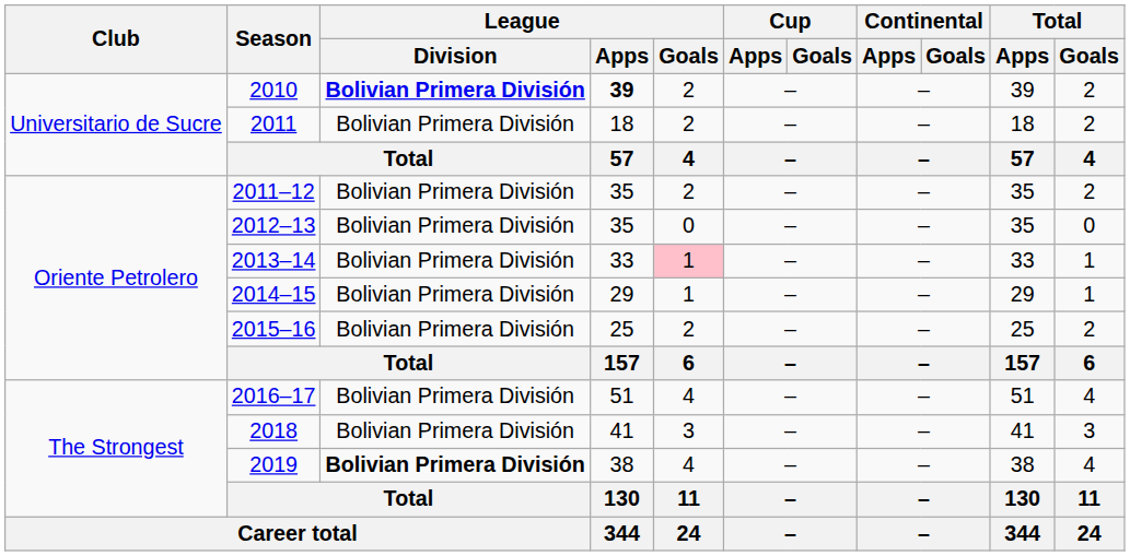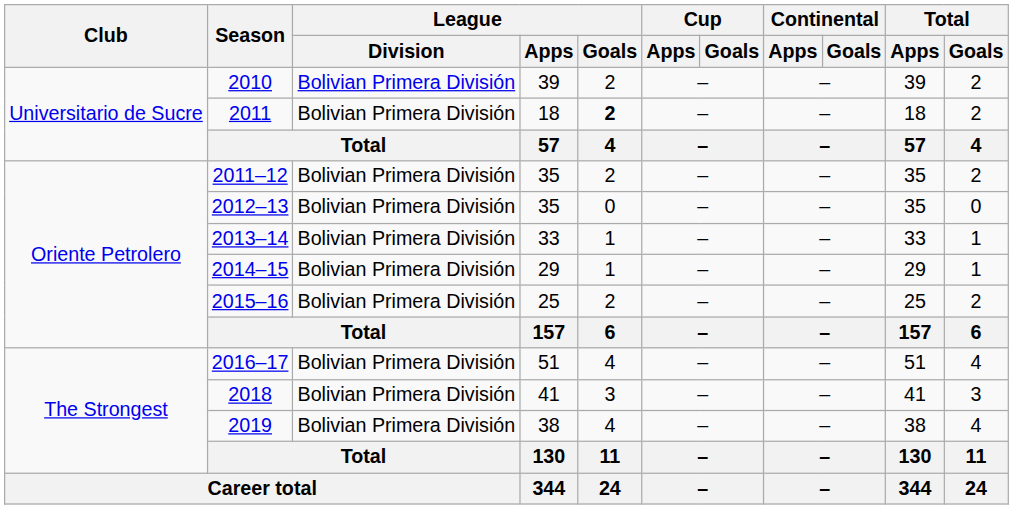 <table class="wikitable" style="text-align:center">
 <tr>
 <th rowspan="2">Club</th>
 <th rowspan="2">Season</th>
 <th colspan="3">League</th>
 <th colspan="2">Cup</th>
 <th colspan="2">Continental</th>
 <th colspan="2">Total</th>
 </tr>
 <tr>
 <th>Division</th>
 <th>Apps</th>
 <th>Goals</th>
 <th>Apps</th>
 <th>Goals</th>
 <th>Apps</th>
 <th>Goals</th>
 <th>Apps</th>
 <th>Goals</th>
 </tr>
 <tr>
 <td rowspan="3"><a href='#'>Universitario de Sucre</a></td>
 <td><a href='#'>2010</a></td>
-<td><strong><a href='#'>Bolivian Primera División</a></strong></td>
-<td><strong>39</strong></td>
+<td><a href='#'>Bolivian Primera División</a></td>
+<td>39</td>
 <td>2</td>
 <td colspan="2">–</td>
 <td colspan="2">–</td>
 <td>39</td>
 <td>2</td>
 </tr>
 <tr>
 <td><a href='#'>2011</a></td>
 <td>Bolivian Primera División</td>
 <td>18</td>
-<td>2</td>
+<td><strong>2</strong></td>
 <td colspan="2">–</td>
 <td colspan="2">–</td>
 <td>18</td>
 <td>2</td>
 </tr>
 <tr>
 <th colspan="2">Total</th>
 <th>57</th>
 <th>4</th>
 <th colspan="2">–</th>
 <th colspan="2">–</th>
 <th>57</th>
 <th>4</th>
 </tr>
 <tr>
 <td rowspan="6"><a href='#'>Oriente Petrolero</a></td>
 <td><a href='#'>2011–12</a></td>
 <td>Bolivian Primera División</td>
 <td>35</td>
 <td>2</td>
 <td colspan="2">–</td>
 <td colspan="2">–</td>
 <td>35</td>
 <td>2</td>
 </tr>
 <tr>
 <td><a href='#'>2012–13</a></td>
 <td>Bolivian Primera División</td>
 <td>35</td>
 <td>0</td>
 <td colspan="2">–</td>
 <td colspan="2">–</td>
 <td>35</td>
 <td>0</td>
 </tr>
 <tr>
 <td><a href='#'>2013–14</a></td>
 <td>Bolivian Primera División</td>
 <td>33</td>
-<td style="background: pink;">1</td>
+<td>1</td>
 <td colspan="2">–</td>
 <td colspan="2">–</td>
 <td>33</td>
 <td>1</td>
 </tr>
 <tr>
 <td><a href='#'>2014–15</a></td>
 <td>Bolivian Primera División</td>
 <td>29</td>
 <td>1</td>
 <td colspan="2">–</td>
 <td colspan="2">–</td>
 <td>29</td>
 <td>1</td>
 </tr>
 <tr>
 <td><a href='#'>2015–16</a></td>
 <td>Bolivian Primera División</td>
 <td>25</td>
 <td>2</td>
 <td colspan="2">–</td>
 <td colspan="2">–</td>
 <td>25</td>
 <td>2</td>
 </tr>
 <tr>
 <th colspan="2">Total</th>
 <th>157</th>
 <th>6</th>
 <th colspan="2">–</th>
 <th colspan="2">–</th>
 <th>157</th>
 <th>6</th>
 </tr>
 <tr>
 <td rowspan="4"><a href='#'>The Strongest</a></td>
 <td><a href='#'>2016–17</a></td>
 <td>Bolivian Primera División</td>
 <td>51</td>
 <td>4</td>
 <td colspan="2">–</td>
 <td colspan="2">–</td>
 <td>51</td>
 <td>4</td>
 </tr>
 <tr>
 <td><a href='#'>2018</a></td>
 <td>Bolivian Primera División</td>
 <td>41</td>
 <td>3</td>
 <td colspan="2">–</td>
 <td colspan="2">–</td>
 <td>41</td>
 <td>3</td>
 </tr>
 <tr>
 <td><a href='#'>2019</a></td>
-<td><strong>Bolivian Primera División</strong></td>
+<td>Bolivian Primera División</td>
 <td>38</td>
 <td>4</td>
 <td colspan="2">–</td>
 <td colspan="2">–</td>
 <td>38</td>
 <td>4</td>
 </tr>
 <tr>
 <th colspan="2">Total</th>
 <th>130</th>
 <th>11</th>
 <th colspan="2">–</th>
 <th colspan="2">–</th>
 <th>130</th>
 <th>11</th>
 </tr>
 <tr>
 <th colspan="3">Career total</th>
 <th>344</th>
 <th>24</th>
 <th colspan="2">–</th>
 <th colspan="2">–</th>
 <th>344</th>
 <th>24</th>
 </tr>
 </table>
